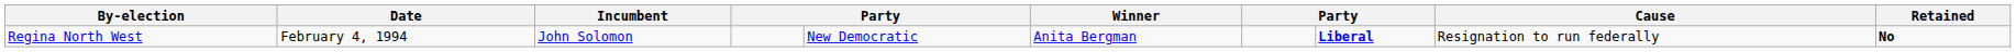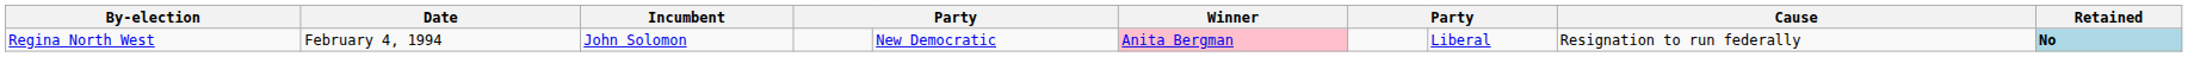 <table class=wikitable style="width:100%">
 <tr>
 <th>By-election</th>
 <th>Date</th>
 <th>Incumbent</th>
 <th colspan=2>Party</th>
 <th>Winner</th>
 <th colspan=2>Party</th>
 <th>Cause</th>
 <th>Retained</th>
 </tr>
 <tr>
 <td><a href='#'>Regina North West</a></td>
 <td>February 4, 1994</td>
 <td><a href='#'>John Solomon</a></td>
 <td>    </td>
 <td><a href='#'>New Democratic</a></td>
-<td><a href='#'>Anita Bergman</a></td>
+<td style="background: pink;"><a href='#'>Anita Bergman</a></td>
 <td>    </td>
-<td><strong><a href='#'>Liberal</a></strong></td>
+<td><a href='#'>Liberal</a></td>
 <td>Resignation to run federally</td>
-<td><strong>No</strong></td>
+<td style="background: lightblue;"><strong>No</strong></td>
 </tr>
 </table>
